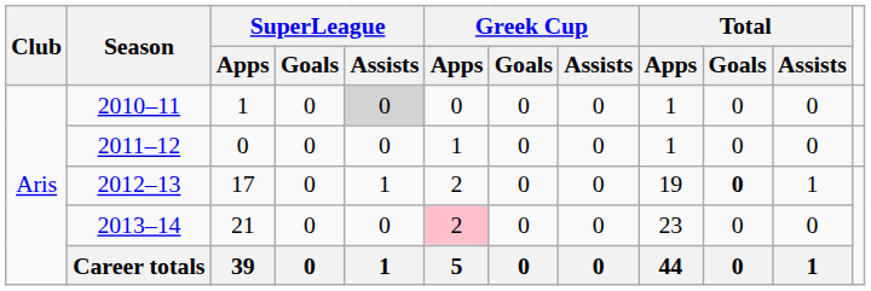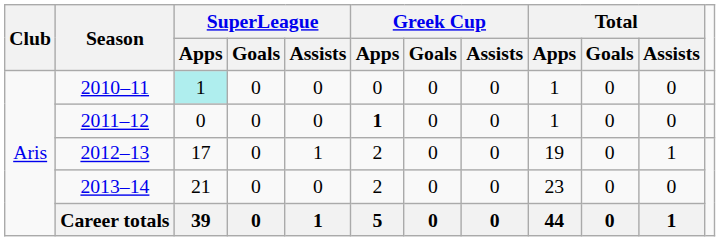 <table class="wikitable" style="font-size:88%; text-align: center">
 <tr>
 <th rowspan=2>Club</th>
 <th rowspan=2>Season</th>
 <th colspan=3><a href='#'>SuperLeague</a></th>
 <th colspan=3><a href='#'>Greek Cup</a></th>
 <th colspan=3>Total</th>
 </tr>
 <tr>
 <th>Apps</th>
 <th>Goals</th>
 <th>Assists</th>
 <th>Apps</th>
 <th>Goals</th>
 <th>Assists</th>
 <th>Apps</th>
 <th>Goals</th>
 <th>Assists</th>
 </tr>
 <tr>
 <td rowspan=7><a href='#'>Aris</a></td>
 <td><a href='#'>2010–11</a></td>
-<td>1</td>
+<td style="background: paleturquoise;">1</td>
 <td>0</td>
-<td style="background: lightgrey;">0</td>
+<td>0</td>
 <td>0</td>
 <td>0</td>
 <td>0</td>
 <td>1</td>
 <td>0</td>
 <td>0</td>
 <td></td>
 </tr>
 <tr>
 <td><a href='#'>2011–12</a></td>
 <td>0</td>
 <td>0</td>
 <td>0</td>
-<td>1</td>
+<td><strong>1</strong></td>
 <td>0</td>
 <td>0</td>
 <td>1</td>
 <td>0</td>
 <td>0</td>
 <td></td>
 </tr>
 <tr>
 <td><a href='#'>2012–13</a></td>
 <td>17</td>
 <td>0</td>
 <td>1</td>
 <td>2</td>
 <td>0</td>
 <td>0</td>
 <td>19</td>
-<td><strong>0</strong></td>
+<td>0</td>
 <td>1</td>
 </tr>
 <tr>
 <td><a href='#'>2013–14</a></td>
 <td>21</td>
 <td>0</td>
 <td>0</td>
-<td style="background: pink;">2</td>
+<td>2</td>
 <td>0</td>
 <td>0</td>
 <td>23</td>
 <td>0</td>
 <td>0</td>
 </tr>
 <tr>
 <th>Career totals</th>
 <th>39</th>
 <th>0</th>
 <th>1</th>
 <th>5</th>
 <th>0</th>
 <th>0</th>
 <th>44</th>
 <th>0</th>
 <th>1</th>
 </tr>
 </table>
